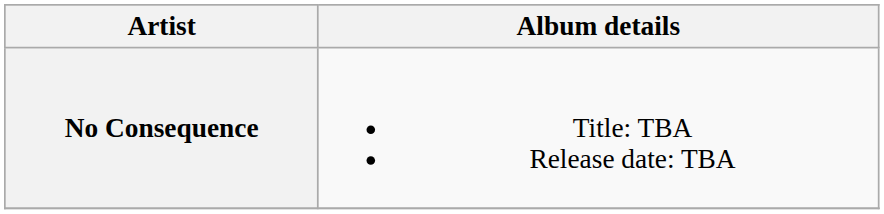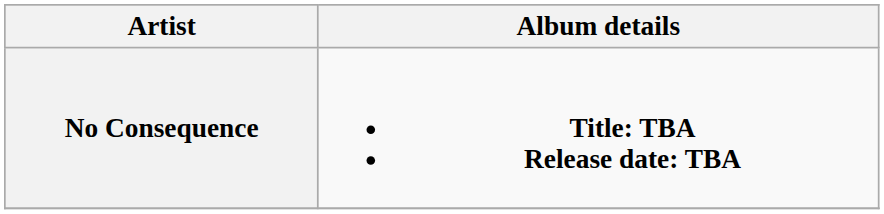 <table class="wikitable plainrowheaders" style="text-align:center;">
 <tr>
 <th scope="col" style="width:11em;">Artist</th>
 <th scope="col" style="width:20em;">Album details</th>
 </tr>
 <tr>
 <th scope="row">No Consequence</th>
-<td><br><ul><li>Title: TBA</li><li>Release date: TBA</li></ul></td>
+<td><strong><br><ul><li>Title: TBA</li><li>Release date: TBA</li></ul></strong></td>
 </tr>
 <tr>
 </tr>
 </table>
